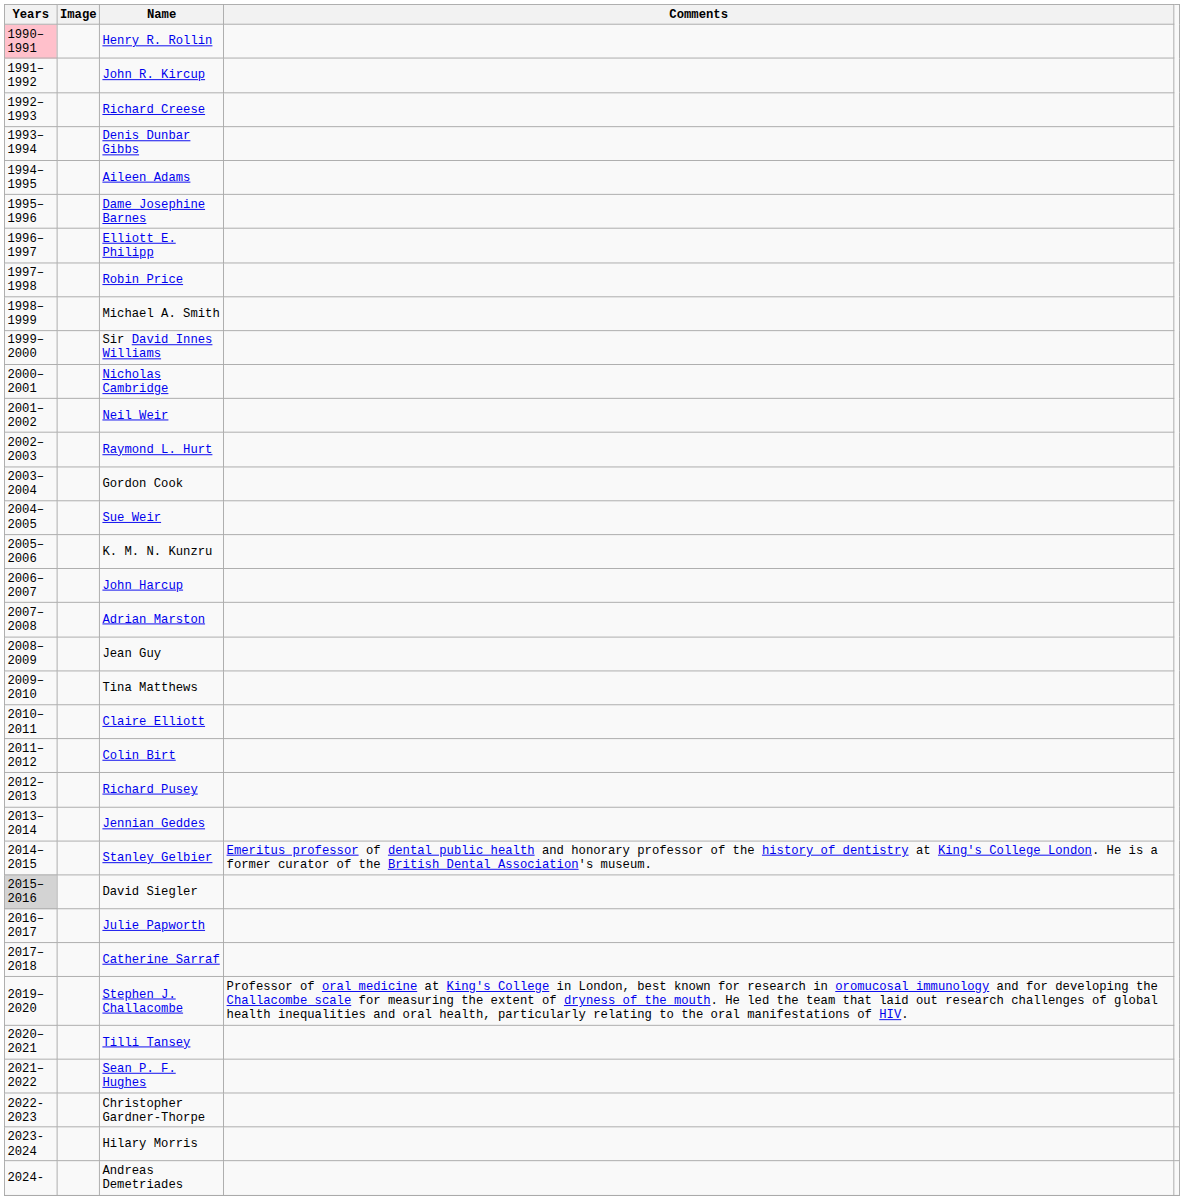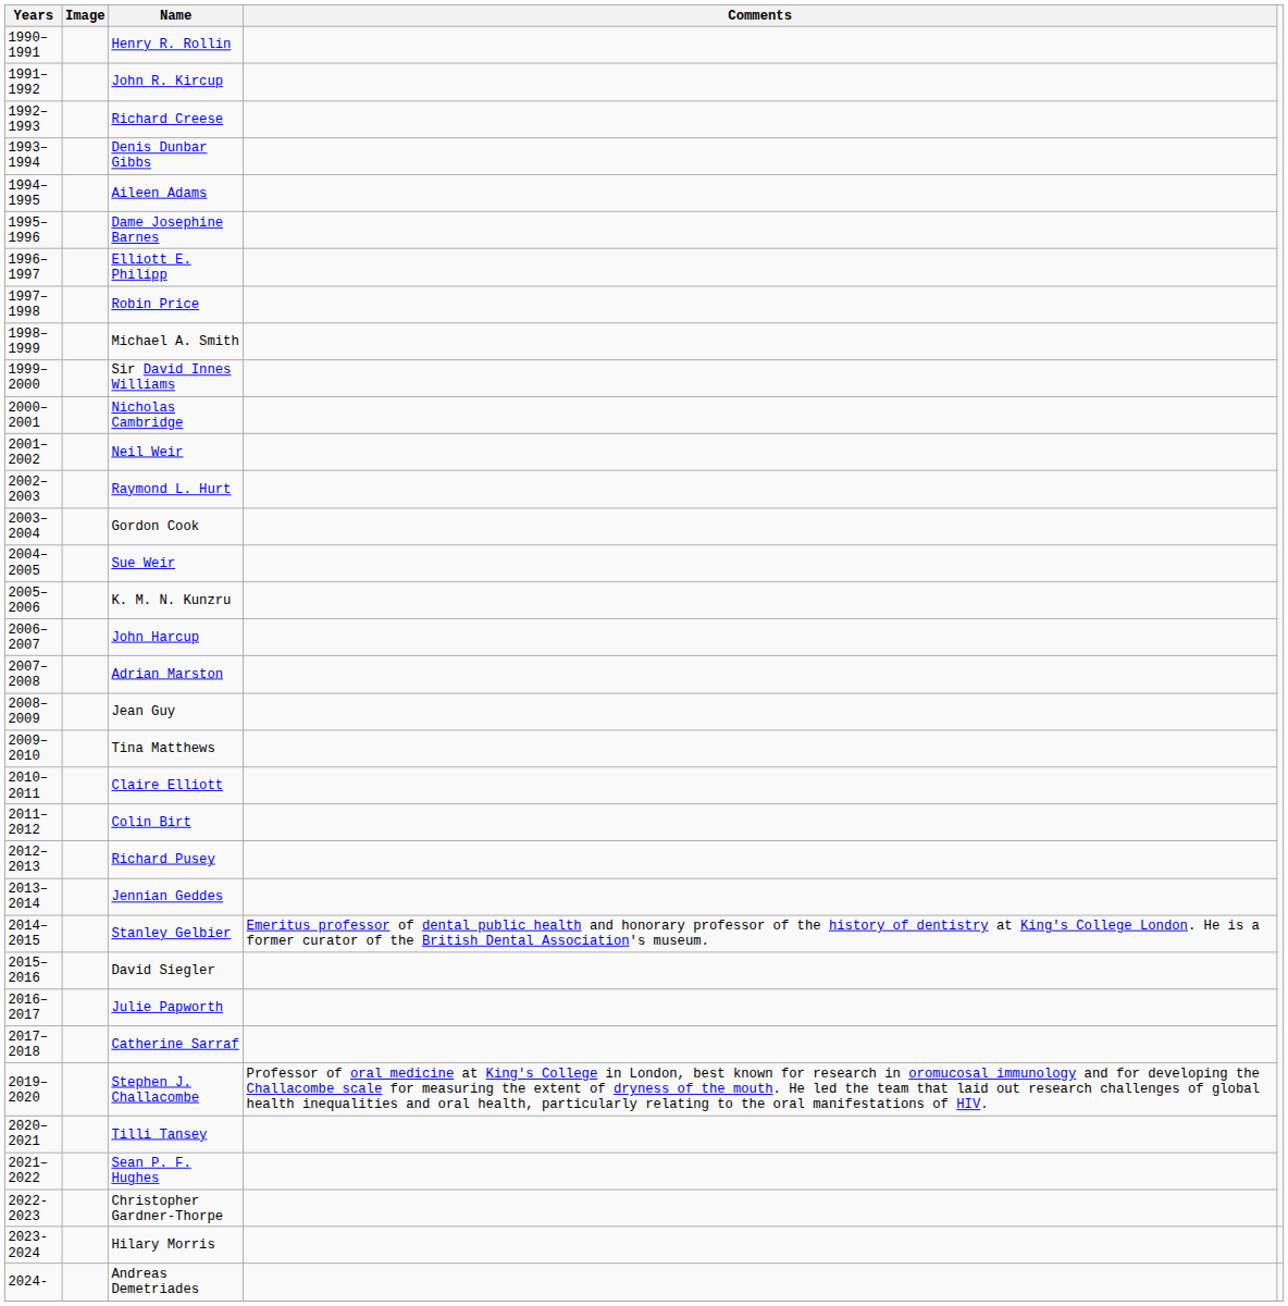 <table class="wikitable">
 <tr>
 <th>Years</th>
 <th>Image</th>
 <th>Name</th>
 <th>Comments</th>
 </tr>
 <tr>
-<td style="background: pink;">1990–1991</td>
+<td>1990–1991</td>
 <td></td>
 <td><a href='#'>Henry R. Rollin</a></td>
 <td></td>
 </tr>
 <tr>
 <td>1991–1992</td>
 <td></td>
 <td><a href='#'>John R. Kircup</a></td>
 <td></td>
 </tr>
 <tr>
 <td>1992–1993</td>
 <td></td>
 <td><a href='#'>Richard Creese</a></td>
 <td></td>
 </tr>
 <tr>
 <td>1993–1994</td>
 <td></td>
 <td><a href='#'>Denis Dunbar Gibbs</a></td>
 <td></td>
 </tr>
 <tr>
 <td>1994–1995</td>
 <td></td>
 <td><a href='#'>Aileen Adams</a></td>
 <td></td>
 </tr>
 <tr>
 <td>1995–1996</td>
 <td></td>
 <td><a href='#'>Dame Josephine Barnes</a></td>
 <td></td>
 </tr>
 <tr>
 <td>1996–1997</td>
 <td></td>
 <td><a href='#'>Elliott E. Philipp</a></td>
 <td></td>
 </tr>
 <tr>
 <td>1997–1998</td>
 <td></td>
 <td><a href='#'>Robin Price</a></td>
 <td></td>
 </tr>
 <tr>
 <td>1998–1999</td>
 <td></td>
 <td>Michael A. Smith</td>
 <td></td>
 </tr>
 <tr>
 <td>1999–2000</td>
 <td></td>
 <td>Sir <a href='#'>David Innes Williams</a></td>
 <td></td>
 </tr>
 <tr>
 <td>2000–2001</td>
 <td></td>
 <td><a href='#'>Nicholas Cambridge</a></td>
 <td></td>
 </tr>
 <tr>
 <td>2001–2002</td>
 <td></td>
 <td><a href='#'>Neil Weir</a></td>
 <td></td>
 </tr>
 <tr>
 <td>2002–2003</td>
 <td></td>
 <td><a href='#'>Raymond L. Hurt</a></td>
 <td></td>
 </tr>
 <tr>
 <td>2003–2004</td>
 <td></td>
 <td>Gordon Cook</td>
 <td></td>
 </tr>
 <tr>
 <td>2004–2005</td>
 <td></td>
 <td><a href='#'>Sue Weir</a></td>
 <td></td>
 </tr>
 <tr>
 <td>2005–2006</td>
 <td></td>
 <td>K. M. N. Kunzru</td>
 <td></td>
 </tr>
 <tr>
 <td>2006–2007</td>
 <td></td>
 <td><a href='#'>John Harcup</a></td>
 <td></td>
 </tr>
 <tr>
 <td>2007–2008</td>
 <td></td>
 <td><a href='#'>Adrian Marston</a></td>
 <td></td>
 </tr>
 <tr>
 <td>2008–2009</td>
 <td></td>
 <td>Jean Guy</td>
 <td></td>
 </tr>
 <tr>
 <td>2009–2010</td>
 <td></td>
 <td>Tina Matthews</td>
 <td></td>
 </tr>
 <tr>
 <td>2010–2011</td>
 <td></td>
 <td><a href='#'>Claire Elliott</a></td>
 <td></td>
 </tr>
 <tr>
 <td>2011–2012</td>
 <td></td>
 <td><a href='#'>Colin Birt</a></td>
 <td></td>
 </tr>
 <tr>
 <td>2012–2013</td>
 <td></td>
 <td><a href='#'>Richard Pusey</a></td>
 <td></td>
 </tr>
 <tr>
 <td>2013–2014</td>
 <td></td>
 <td><a href='#'>Jennian Geddes</a></td>
 <td></td>
 </tr>
 <tr>
 <td>2014–2015</td>
 <td></td>
 <td><a href='#'>Stanley Gelbier</a></td>
 <td><a href='#'>Emeritus professor</a> of <a href='#'>dental public health</a> and honorary professor of the <a href='#'>history of dentistry</a> at <a href='#'>King's College London</a>. He is a former curator of the <a href='#'>British Dental Association</a>'s museum.</td>
 </tr>
 <tr>
-<td style="background: lightgrey;">2015–2016</td>
+<td>2015–2016</td>
 <td></td>
 <td>David Siegler</td>
 <td></td>
 </tr>
 <tr>
 <td>2016–2017</td>
 <td></td>
 <td><a href='#'>Julie Papworth</a></td>
 <td></td>
 </tr>
 <tr>
 <td>2017–2018</td>
 <td></td>
 <td><a href='#'>Catherine Sarraf</a></td>
 <td></td>
 </tr>
 <tr>
 <td>2019–2020</td>
 <td></td>
 <td><a href='#'>Stephen J. Challacombe</a></td>
 <td>Professor of <a href='#'>oral medicine</a> at <a href='#'>King's College</a> in London, best known for research in <a href='#'>oromucosal immunology</a> and for developing the <a href='#'>Challacombe scale</a> for measuring the extent of <a href='#'>dryness of the mouth</a>. He led the team that laid out research challenges of global health inequalities and oral health, particularly relating to the oral manifestations of <a href='#'>HIV</a>.</td>
 </tr>
 <tr>
 <td>2020–2021</td>
 <td></td>
 <td><a href='#'>Tilli Tansey</a></td>
 <td></td>
 </tr>
 <tr>
 <td>2021–2022</td>
 <td></td>
 <td><a href='#'>Sean P. F. Hughes</a></td>
 <td></td>
 </tr>
 <tr>
 <td>2022-2023</td>
 <td></td>
 <td>Christopher Gardner-Thorpe</td>
 <td></td>
 </tr>
 <tr>
 <td>2023-2024</td>
 <td></td>
 <td>Hilary Morris</td>
 <td></td>
 <td></td>
 </tr>
 <tr>
 <td>2024-</td>
 <td></td>
 <td>Andreas Demetriades</td>
 <td></td>
 <td></td>
 </tr>
 <tr>
 </tr>
 </table>
